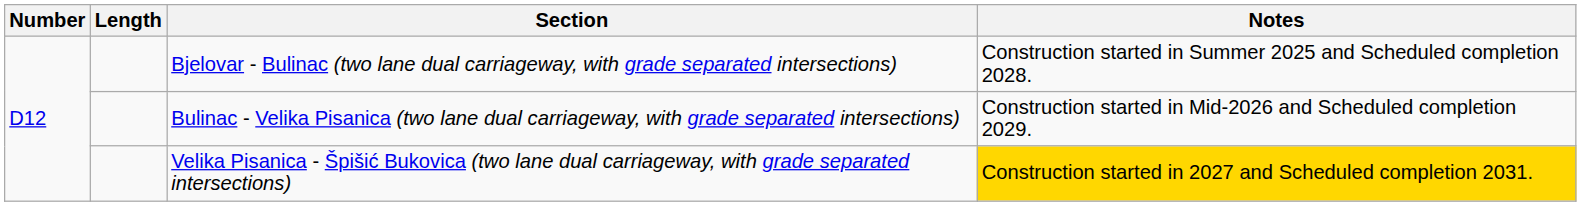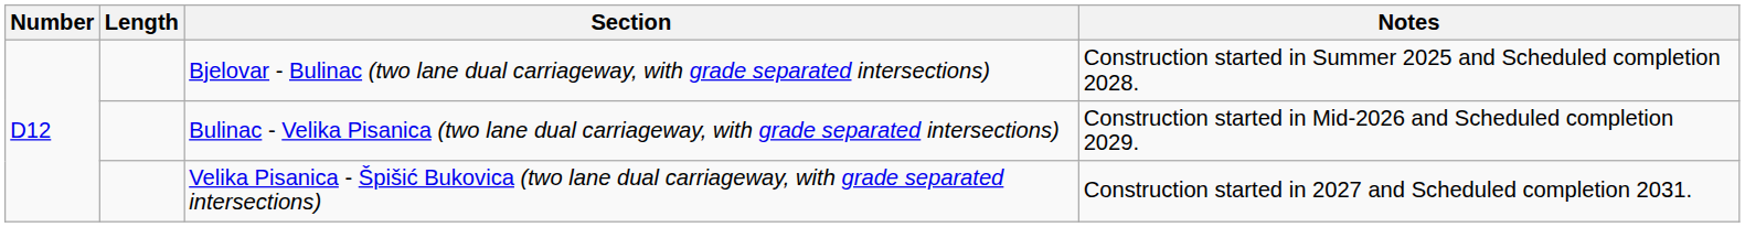 <table class="wikitable">
 <tr>
 <th>Number</th>
 <th>Length</th>
 <th>Section</th>
 <th>Notes</th>
 </tr>
 <tr>
 <td rowspan="3"> <a href='#'>D12</a></td>
 <td></td>
 <td><a href='#'>Bjelovar</a> - <a href='#'>Bulinac</a> <em>(two lane dual carriageway, with <a href='#'>grade separated</a> intersections)</em></td>
 <td>Construction started in Summer 2025 and Scheduled completion 2028.</td>
 </tr>
 <tr>
 <td></td>
 <td><a href='#'>Bulinac</a> - <a href='#'>Velika Pisanica</a> <em>(two lane dual carriageway, with <a href='#'>grade separated</a> intersections)</em></td>
 <td>Construction started in Mid-2026 and Scheduled completion 2029.</td>
 </tr>
 <tr>
 <td></td>
 <td><a href='#'>Velika Pisanica</a> - <a href='#'>Špišić Bukovica</a> <em>(two lane dual carriageway, with <a href='#'>grade separated</a> intersections)</em></td>
-<td style="background: gold;">Construction started in 2027 and Scheduled completion 2031.</td>
+<td>Construction started in 2027 and Scheduled completion 2031.</td>
 </tr>
 </table>
